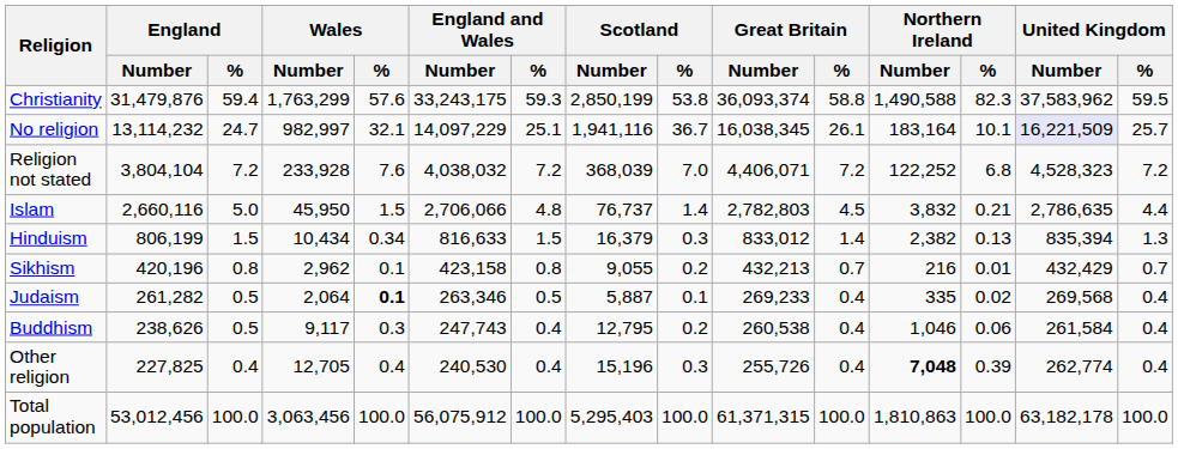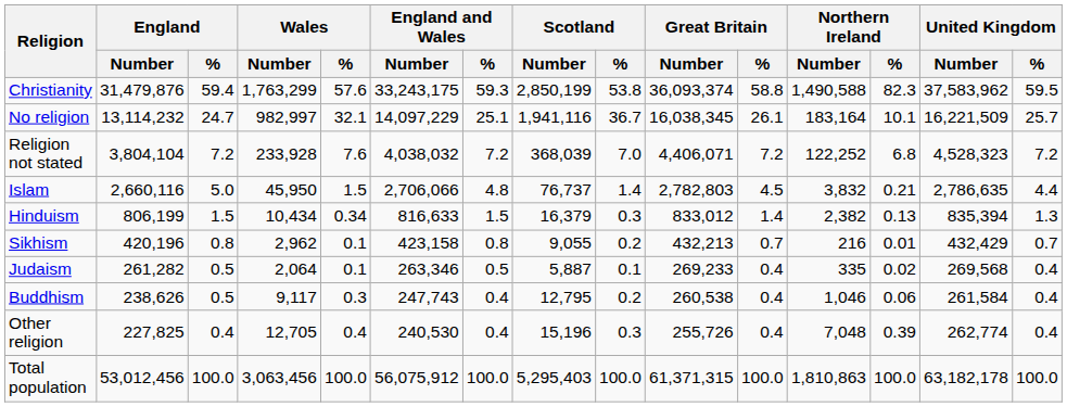 <table class="wikitable">
 <tr>
 </tr>
 <tr>
 <th rowspan="2">Religion</th>
 <th colspan="2">England</th>
 <th colspan="2">Wales</th>
 <th colspan="2">England and Wales</th>
 <th colspan="2">Scotland</th>
 <th colspan="2">Great Britain</th>
 <th colspan="2">Northern Ireland</th>
 <th colspan="2">United Kingdom</th>
 </tr>
 <tr>
 <th>Number</th>
 <th>%</th>
 <th>Number</th>
 <th>%</th>
 <th>Number</th>
 <th>%</th>
 <th>Number</th>
 <th>%</th>
 <th>Number</th>
 <th>%</th>
 <th>Number</th>
 <th>%</th>
 <th>Number</th>
 <th>%</th>
 </tr>
 <tr>
 <td><a href='#'>Christianity</a></td>
 <td align="right">31,479,876</td>
 <td align="right">59.4</td>
 <td align="right">1,763,299</td>
 <td align="right">57.6</td>
 <td align="right">33,243,175</td>
 <td align="right">59.3</td>
 <td align="right">2,850,199</td>
 <td align="right">53.8</td>
 <td align="right">36,093,374</td>
 <td align="right">58.8</td>
 <td align="right">1,490,588</td>
 <td align="right">82.3</td>
 <td align="right">37,583,962</td>
 <td align="right">59.5</td>
 </tr>
 <tr>
 <td><a href='#'>No religion</a></td>
 <td align="right">13,114,232</td>
 <td align="right">24.7</td>
 <td align="right">982,997</td>
 <td align="right">32.1</td>
 <td align="right">14,097,229</td>
 <td align="right">25.1</td>
 <td align="right">1,941,116</td>
 <td align="right">36.7</td>
 <td align="right">16,038,345</td>
 <td align="right">26.1</td>
 <td align="right">183,164</td>
 <td align="right">10.1</td>
-<td align="right" style="background: lavender;">16,221,509</td>
+<td align="right">16,221,509</td>
 <td align="right">25.7</td>
 </tr>
 <tr>
 <td>Religion not stated</td>
 <td align="right">3,804,104</td>
 <td align="right">7.2</td>
 <td align="right">233,928</td>
 <td align="right">7.6</td>
 <td align="right">4,038,032</td>
 <td align="right">7.2</td>
 <td align="right">368,039</td>
 <td align="right">7.0</td>
 <td align="right">4,406,071</td>
 <td align="right">7.2</td>
 <td align="right">122,252</td>
 <td align="right">6.8</td>
 <td align="right">4,528,323</td>
 <td align="right">7.2</td>
 </tr>
 <tr>
 <td><a href='#'>Islam</a></td>
 <td align="right">2,660,116</td>
 <td align="right">5.0</td>
 <td align="right">45,950</td>
 <td align="right">1.5</td>
 <td align="right">2,706,066</td>
 <td align="right">4.8</td>
 <td align="right">76,737</td>
 <td align="right">1.4</td>
 <td align="right">2,782,803</td>
 <td align="right">4.5</td>
 <td align="right">3,832</td>
 <td align="right">0.21</td>
 <td align="right">2,786,635</td>
 <td align="right">4.4</td>
 </tr>
 <tr>
 <td><a href='#'>Hinduism</a></td>
 <td align="right">806,199</td>
 <td align="right">1.5</td>
 <td align="right">10,434</td>
 <td align="right">0.34</td>
 <td align="right">816,633</td>
 <td align="right">1.5</td>
 <td align="right">16,379</td>
 <td align="right">0.3</td>
 <td align="right">833,012</td>
 <td align="right">1.4</td>
 <td align="right">2,382</td>
 <td align="right">0.13</td>
 <td align="right">835,394</td>
 <td align="right">1.3</td>
 </tr>
 <tr>
 <td><a href='#'>Sikhism</a></td>
 <td align="right">420,196</td>
 <td align="right">0.8</td>
 <td align="right">2,962</td>
 <td align="right">0.1</td>
 <td align="right">423,158</td>
 <td align="right">0.8</td>
 <td align="right">9,055</td>
 <td align="right">0.2</td>
 <td align="right">432,213</td>
 <td align="right">0.7</td>
 <td align="right">216</td>
 <td align="right">0.01</td>
 <td align="right">432,429</td>
 <td align="right">0.7</td>
 </tr>
 <tr>
 <td><a href='#'>Judaism</a></td>
 <td align="right">261,282</td>
 <td align="right">0.5</td>
 <td align="right">2,064</td>
-<td align="right"><strong>0.1</strong></td>
+<td align="right">0.1</td>
 <td align="right">263,346</td>
 <td align="right">0.5</td>
 <td align="right">5,887</td>
 <td align="right">0.1</td>
 <td align="right">269,233</td>
 <td align="right">0.4</td>
 <td align="right">335</td>
 <td align="right">0.02</td>
 <td align="right">269,568</td>
 <td align="right">0.4</td>
 </tr>
 <tr>
 <td><a href='#'>Buddhism</a></td>
 <td align="right">238,626</td>
 <td align="right">0.5</td>
 <td align="right">9,117</td>
 <td align="right">0.3</td>
 <td align="right">247,743</td>
 <td align="right">0.4</td>
 <td align="right">12,795</td>
 <td align="right">0.2</td>
 <td align="right">260,538</td>
 <td align="right">0.4</td>
 <td align="right">1,046</td>
 <td align="right">0.06</td>
 <td align="right">261,584</td>
 <td align="right">0.4</td>
 </tr>
 <tr>
 <td>Other religion</td>
 <td align="right">227,825</td>
 <td align="right">0.4</td>
 <td align="right">12,705</td>
 <td align="right">0.4</td>
 <td align="right">240,530</td>
 <td align="right">0.4</td>
 <td align="right">15,196</td>
 <td align="right">0.3</td>
 <td align="right">255,726</td>
 <td align="right">0.4</td>
-<td align="right"><strong>7,048</strong></td>
+<td align="right">7,048</td>
 <td align="right">0.39</td>
 <td align="right">262,774</td>
 <td align="right">0.4</td>
 </tr>
 <tr>
 <td>Total population</td>
 <td align="right">53,012,456</td>
 <td align="right">100.0</td>
 <td align="right">3,063,456</td>
 <td align="right">100.0</td>
 <td align="right">56,075,912</td>
 <td align="right">100.0</td>
 <td align="right">5,295,403</td>
 <td align="right">100.0</td>
 <td align="right">61,371,315</td>
 <td align="right">100.0</td>
 <td align="right">1,810,863</td>
 <td align="right">100.0</td>
 <td align="right">63,182,178</td>
 <td align="right">100.0</td>
 </tr>
 </table>
